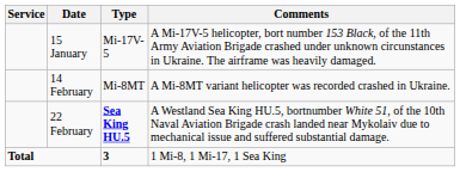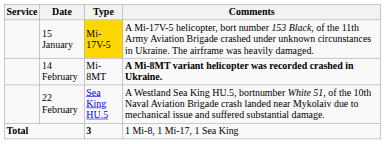 <table class="wikitable">
 <tr>
 <th>Service</th>
 <th>Date</th>
 <th>Type</th>
 <th>Comments</th>
 </tr>
 <tr>
 <td></td>
 <td>15 January</td>
-<td>Mi-17V-5</td>
+<td style="background: gold;">Mi-17V-5</td>
 <td>A Mi-17V-5 helicopter, bort number <em>153 Black</em>, of the 11th Army Aviation Brigade crashed under unknown circunstances in Ukraine. The airframe was heavily damaged.</td>
 </tr>
 <tr>
 <td></td>
 <td>14 February</td>
 <td>Mi-8MT</td>
-<td>A Mi-8MT variant helicopter was recorded crashed in Ukraine.</td>
+<td><strong>A Mi-8MT variant helicopter was recorded crashed in Ukraine.</strong></td>
 </tr>
 <tr>
 <td></td>
 <td>22 February</td>
-<td><strong><a href='#'>Sea King HU.5</a></strong></td>
+<td><a href='#'>Sea King HU.5</a></td>
 <td>A Westland Sea King HU.5, bortnumber <em>White 51</em>, of the 10th Naval Aviation Brigade crash landed near Mykolaiv due to mechanical issue and suffered substantial damage.</td>
 </tr>
 <tr>
 <td colspan="2"><strong>Total</strong></td>
 <td><strong>3</strong></td>
 <td>1 Mi-8, 1 Mi-17, 1 Sea King</td>
 </tr>
 </table>
